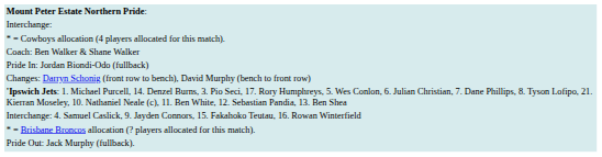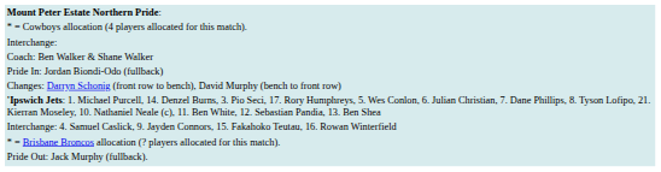 <table style="background:#d7ebed; font-size:85%; width:100%;">
 <tr>
 <td><strong>Mount Peter Estate Northern Pride</strong>:             </td>
 </tr>
 <tr>
-<td>Interchange:    </td>
+<td>* = Cowboys allocation (4 players allocated for this match).</td>
 </tr>
 <tr>
-<td>* = Cowboys allocation (4 players allocated for this match).</td>
+<td>Interchange:    </td>
 </tr>
 <tr>
 <td>Coach: Ben Walker & Shane Walker</td>
 </tr>
 <tr>
 <td>Pride In: Jordan Biondi-Odo (fullback)</td>
 </tr>
 <tr>
 <td>Changes: <a href='#'>Darryn Schonig</a> (front row to bench), David Murphy (bench to front row)</td>
 </tr>
 <tr>
 <td><strong>'Ipswich Jets</strong>: 1. Michael Purcell, 14. Denzel Burns, 3. Pio Seci, 17. Rory Humphreys, 5. Wes Conlon, 6. Julian Christian, 7. Dane Phillips, 8. Tyson Lofipo, 21. Kierran Moseley, 10. Nathaniel Neale (c), 11. Ben White, 12. Sebastian Pandia, 13. Ben Shea</td>
 </tr>
 <tr>
 <td>Interchange: 4. Samuel Caslick, 9. Jayden Connors, 15. Fakahoko Teutau, 16. Rowan Winterfield</td>
 </tr>
 <tr>
 <td>* = <a href='#'>Brisbane Broncos</a> allocation (? players allocated for this match).</td>
 </tr>
 <tr>
 <td>Pride Out: Jack Murphy (fullback).</td>
 </tr>
 <tr>
 </tr>
 </table>
